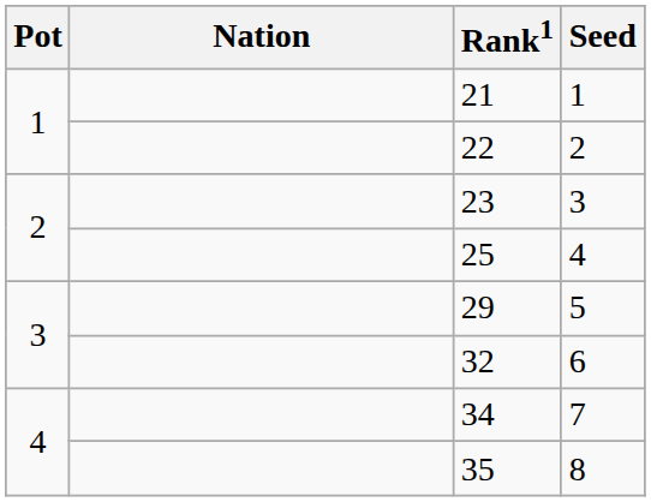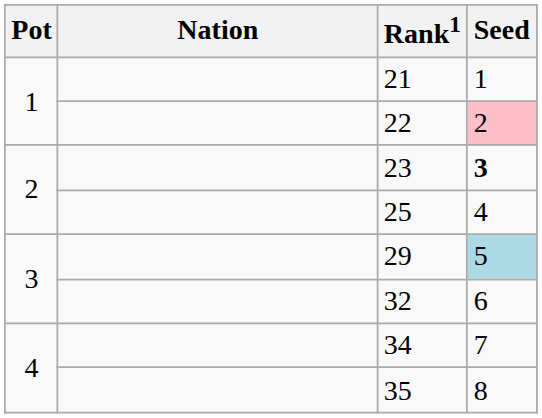 <table class="wikitable">
 <tr>
 <th>Pot</th>
 <th width="175">Nation</th>
 <th>Rank<sup>1</sup></th>
 <th>Seed</th>
 </tr>
 <tr>
 <td rowspan=2 style="text-align:center;">1</td>
 <td></td>
 <td>21</td>
 <td>1</td>
 </tr>
 <tr>
 <td></td>
 <td>22</td>
-<td>2</td>
+<td style="background: pink;">2</td>
 </tr>
 <tr>
 <td rowspan=2 style="text-align:center;">2</td>
 <td></td>
 <td>23</td>
-<td>3</td>
+<td><strong>3</strong></td>
 </tr>
 <tr>
 <td></td>
 <td>25</td>
 <td>4</td>
 </tr>
 <tr>
 <td rowspan=2 style="text-align:center;">3</td>
 <td></td>
 <td>29</td>
-<td>5</td>
+<td style="background: lightblue;">5</td>
 </tr>
 <tr>
 <td></td>
 <td>32</td>
 <td>6</td>
 </tr>
 <tr>
 <td rowspan=2 style="text-align:center;">4</td>
 <td></td>
 <td>34</td>
 <td>7</td>
 </tr>
 <tr>
 <td></td>
 <td>35</td>
 <td>8</td>
 </tr>
 </table>
